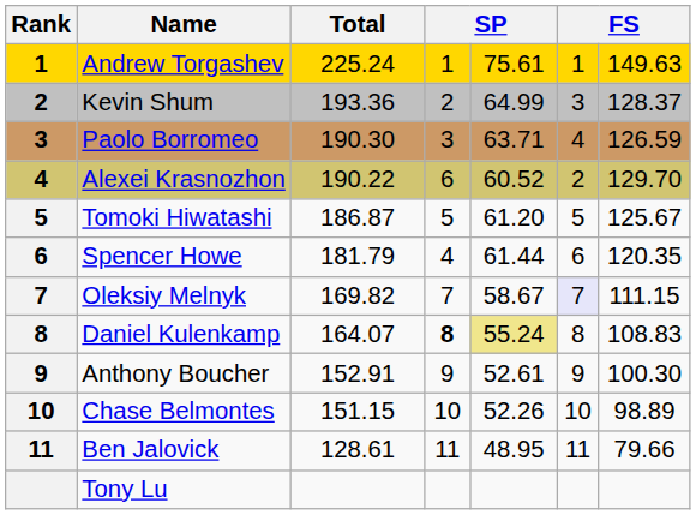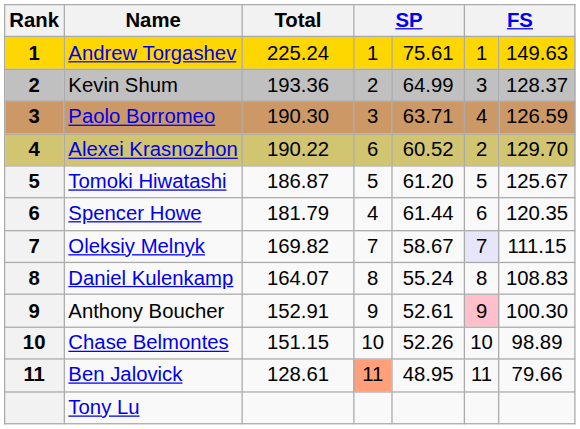 <table class="wikitable sortable">
 <tr>
 <th>Rank</th>
 <th>Name</th>
 <th width="80px">Total</th>
 <th colspan="2" width="80px"><a href='#'>SP</a></th>
 <th colspan="2" width="80px"><a href='#'>FS</a></th>
 </tr>
 <tr bgcolor="gold">
 <td align="center"><strong>1</strong></td>
 <td><a href='#'>Andrew Torgashev</a></td>
 <td align="center">225.24</td>
 <td align="center">1</td>
 <td align="center">75.61</td>
 <td align="center">1</td>
 <td align="center">149.63</td>
 </tr>
 <tr bgcolor="silver">
 <td align="center"><strong>2</strong></td>
 <td>Kevin Shum</td>
 <td align="center">193.36</td>
 <td align="center">2</td>
 <td align="center">64.99</td>
 <td align="center">3</td>
 <td align="center">128.37</td>
 </tr>
 <tr bgcolor="cc9966">
 <td align="center"><strong>3</strong></td>
 <td><a href='#'>Paolo Borromeo</a></td>
 <td align="center">190.30</td>
 <td align="center">3</td>
 <td align="center">63.71</td>
 <td align="center">4</td>
 <td align="center">126.59</td>
 </tr>
 <tr bgcolor="#d1c571">
 <td align="center"><strong>4</strong></td>
 <td><a href='#'>Alexei Krasnozhon</a></td>
 <td align="center">190.22</td>
 <td align="center">6</td>
 <td align="center">60.52</td>
 <td align="center">2</td>
 <td align="center">129.70</td>
 </tr>
 <tr>
 <th>5</th>
 <td><a href='#'>Tomoki Hiwatashi</a></td>
 <td align="center">186.87</td>
 <td align="center">5</td>
 <td align="center">61.20</td>
 <td align="center">5</td>
 <td align="center">125.67</td>
 </tr>
 <tr>
 <th>6</th>
 <td><a href='#'>Spencer Howe</a></td>
 <td align="center">181.79</td>
 <td align="center">4</td>
 <td align="center">61.44</td>
 <td align="center">6</td>
 <td align="center">120.35</td>
 </tr>
 <tr>
 <th>7</th>
 <td><a href='#'>Oleksiy Melnyk</a></td>
 <td align="center">169.82</td>
 <td align="center">7</td>
 <td align="center">58.67</td>
 <td align="center" style="background: lavender;">7</td>
 <td align="center">111.15</td>
 </tr>
 <tr>
 <th>8</th>
 <td><a href='#'>Daniel Kulenkamp</a></td>
 <td align="center">164.07</td>
-<td align="center"><strong>8</strong></td>
-<td align="center" style="background: khaki;">55.24</td>
+<td align="center">8</td>
+<td align="center">55.24</td>
 <td align="center">8</td>
 <td align="center">108.83</td>
 </tr>
 <tr>
 <th>9</th>
 <td>Anthony Boucher</td>
 <td align="center">152.91</td>
 <td align="center">9</td>
 <td align="center">52.61</td>
-<td align="center">9</td>
+<td align="center" style="background: pink;">9</td>
 <td align="center">100.30</td>
 </tr>
 <tr>
 <th>10</th>
 <td><a href='#'>Chase Belmontes</a></td>
 <td align="center">151.15</td>
 <td align="center">10</td>
 <td align="center">52.26</td>
 <td align="center">10</td>
 <td align="center">98.89</td>
 </tr>
 <tr>
 <th>11</th>
 <td><a href='#'>Ben Jalovick</a></td>
 <td align="center">128.61</td>
-<td align="center">11</td>
+<td align="center" style="background: lightsalmon;">11</td>
 <td align="center">48.95</td>
 <td align="center">11</td>
 <td align="center">79.66</td>
 </tr>
 <tr>
 <th></th>
 <td><a href='#'>Tony Lu</a></td>
 <td align="center"></td>
 <td align="center"></td>
 <td align="center"></td>
 <td align="center"></td>
 <td align="center"></td>
 </tr>
 </table>
